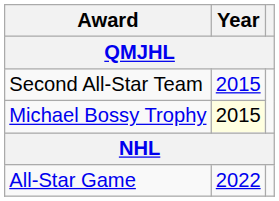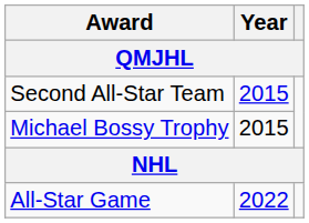 <table class="wikitable">
 <tr>
 <th>Award</th>
 <th>Year</th>
 <th></th>
 </tr>
 <tr>
 <th colspan="3"><a href='#'>QMJHL</a></th>
 </tr>
 <tr>
 <td>Second All-Star Team</td>
 <td><a href='#'>2015</a></td>
 <td rowspan="2"></td>
 </tr>
 <tr>
 <td><a href='#'>Michael Bossy Trophy</a></td>
-<td style="background: lightyellow;">2015</td>
+<td>2015</td>
 </tr>
 <tr>
 <th colspan="3"><a href='#'>NHL</a></th>
 </tr>
 <tr>
 <td><a href='#'>All-Star Game</a></td>
 <td><a href='#'>2022</a></td>
 <td></td>
 </tr>
 </table>
